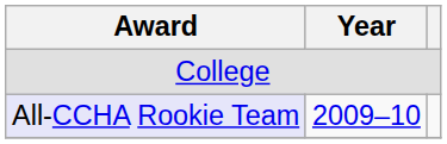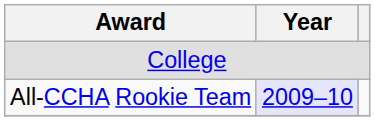 <table class="wikitable">
 <tr>
 <th>Award</th>
 <th>Year</th>
 <th></th>
 </tr>
 <tr ALIGN="center" bgcolor="#e0e0e0">
 <td colspan="3"><a href='#'>College</a></td>
 </tr>
 <tr>
-<td style="background: lavender;">All-<a href='#'>CCHA</a> <a href='#'>Rookie Team</a></td>
-<td><a href='#'>2009–10</a></td>
+<td>All-<a href='#'>CCHA</a> <a href='#'>Rookie Team</a></td>
+<td style="background: lavender;"><a href='#'>2009–10</a></td>
 <td></td>
 </tr>
 <tr>
 </tr>
 </table>
